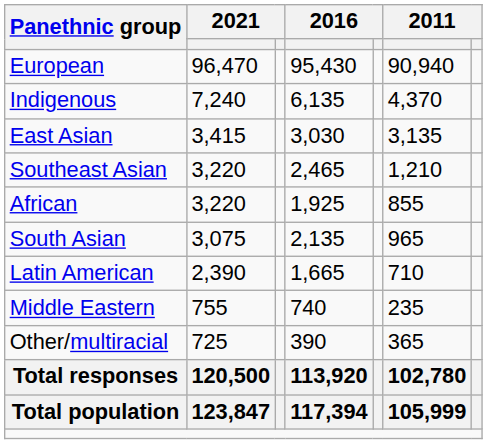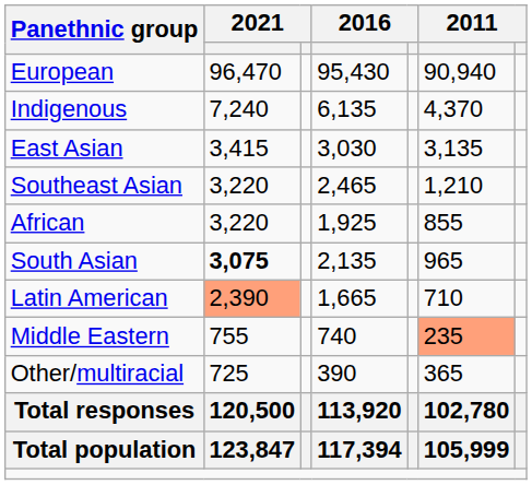 <table class="wikitable collapsible sortable">
 <tr>
 <th rowspan="2"><a href='#'>Panethnic</a> group</th>
 <th colspan="2">2021</th>
 <th colspan="2">2016</th>
 <th colspan="2">2011</th>
 </tr>
 <tr>
 <th><a href='#'></a></th>
 <th></th>
 <th></th>
 <th></th>
 <th></th>
 <th></th>
 </tr>
 <tr>
 <td><a href='#'>European</a></td>
 <td>96,470</td>
 <td></td>
 <td>95,430</td>
 <td></td>
 <td>90,940</td>
 <td></td>
 </tr>
 <tr>
 <td><a href='#'>Indigenous</a></td>
 <td>7,240</td>
 <td></td>
 <td>6,135</td>
 <td></td>
 <td>4,370</td>
 <td></td>
 </tr>
 <tr>
 <td><a href='#'>East Asian</a></td>
 <td>3,415</td>
 <td></td>
 <td>3,030</td>
 <td></td>
 <td>3,135</td>
 <td></td>
 </tr>
 <tr>
 <td><a href='#'>Southeast Asian</a></td>
 <td>3,220</td>
 <td></td>
 <td>2,465</td>
 <td></td>
 <td>1,210</td>
 <td></td>
 </tr>
 <tr>
 <td><a href='#'>African</a></td>
 <td>3,220</td>
 <td></td>
 <td>1,925</td>
 <td></td>
 <td>855</td>
 <td></td>
 </tr>
 <tr>
 <td><a href='#'>South Asian</a></td>
-<td>3,075</td>
+<td><strong>3,075</strong></td>
 <td></td>
 <td>2,135</td>
 <td></td>
 <td>965</td>
 <td></td>
 </tr>
 <tr>
 <td><a href='#'>Latin American</a></td>
-<td>2,390</td>
+<td style="background: lightsalmon;">2,390</td>
 <td></td>
 <td>1,665</td>
 <td></td>
 <td>710</td>
 <td></td>
 </tr>
 <tr>
 <td><a href='#'>Middle Eastern</a></td>
 <td>755</td>
 <td></td>
 <td>740</td>
 <td></td>
-<td>235</td>
+<td style="background: lightsalmon;">235</td>
 <td></td>
 </tr>
 <tr>
 <td>Other/<a href='#'>multiracial</a></td>
 <td>725</td>
 <td></td>
 <td>390</td>
 <td></td>
 <td>365</td>
 <td></td>
 </tr>
 <tr>
 <th>Total responses</th>
 <th>120,500</th>
 <th></th>
 <th>113,920</th>
 <th></th>
 <th>102,780</th>
 <th></th>
 </tr>
 <tr class="sortbottom">
 <th>Total population</th>
 <th>123,847</th>
 <th></th>
 <th>117,394</th>
 <th></th>
 <th>105,999</th>
 <th></th>
 </tr>
 <tr class="sortbottom">
 <td colspan="15"></td>
 </tr>
 </table>
